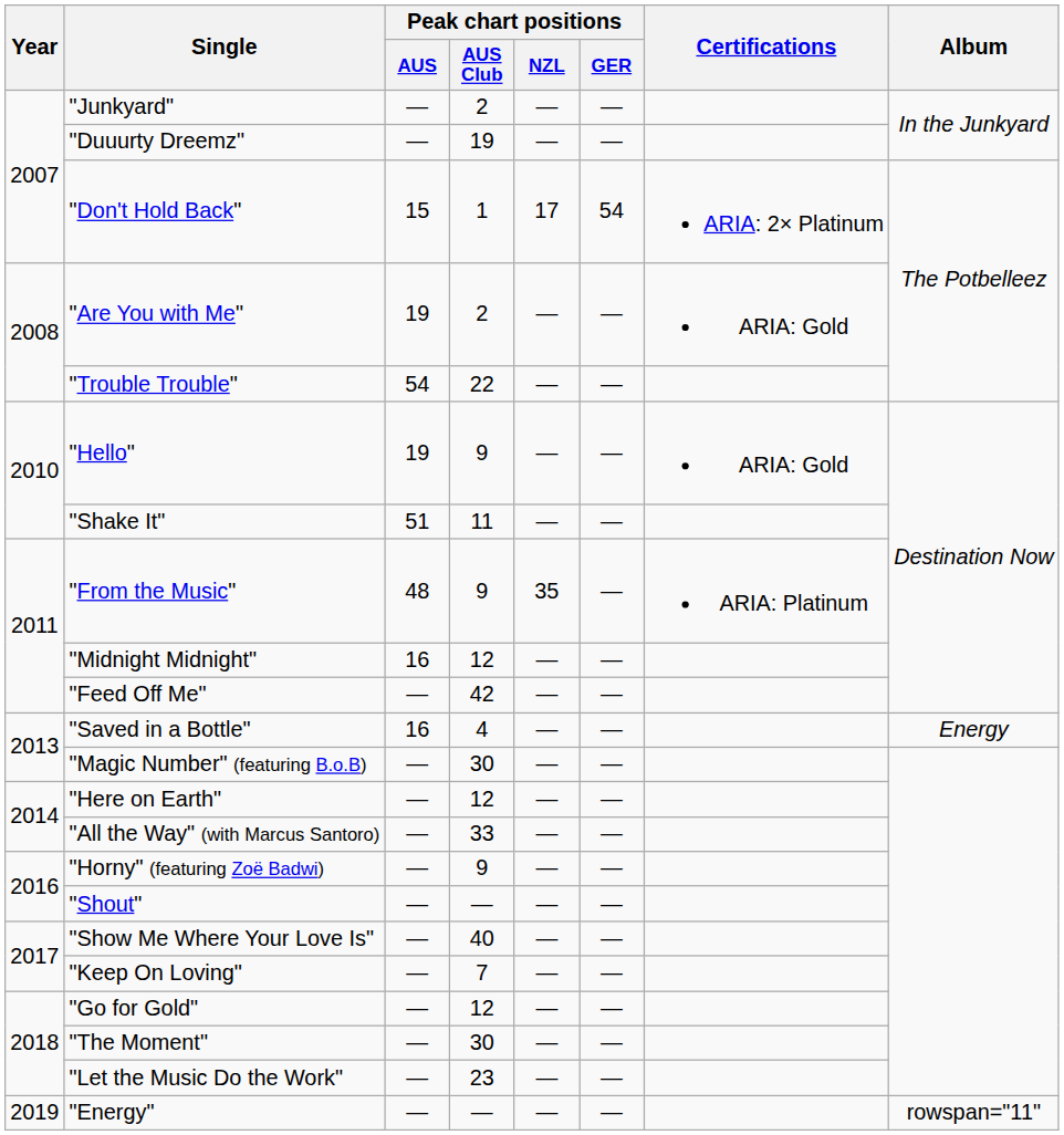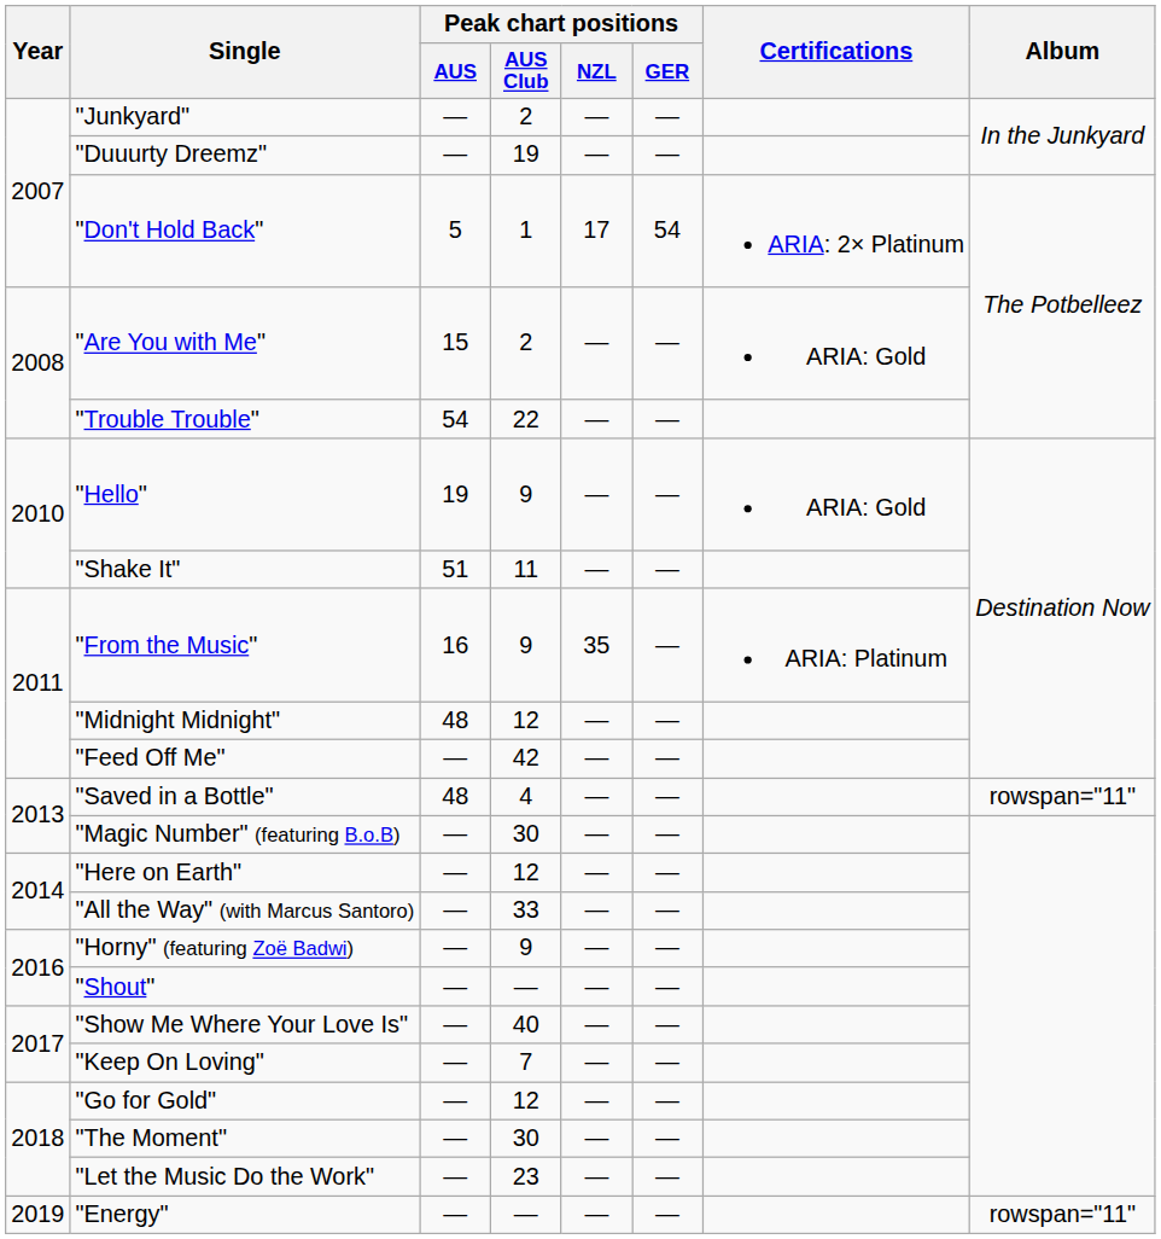 <table class="wikitable" style="text-align:center">
 <tr>
 <th rowspan="2">Year</th>
 <th rowspan="2">Single</th>
 <th colspan="4">Peak chart positions</th>
 <th rowspan="2"><a href='#'>Certifications</a></th>
 <th rowspan="2">Album</th>
 </tr>
 <tr>
 <th style="width:3em;font-size:85%"><a href='#'>AUS</a><br></th>
 <th style="width:3em;font-size:85%"><a href='#'>AUS<br>Club</a><br></th>
 <th style="width:3em;font-size:85%"><a href='#'>NZL</a><br></th>
 <th style="width:3em;font-size:85%"><a href='#'>GER</a><br></th>
 </tr>
 <tr>
 <td rowspan="3">2007</td>
 <td align="left">"Junkyard"</td>
 <td>—</td>
 <td>2</td>
 <td>—</td>
 <td>—</td>
 <td></td>
 <td rowspan="2"><em>In the Junkyard</em></td>
 </tr>
 <tr>
 <td align="left">"Duuurty Dreemz"</td>
 <td>—</td>
 <td>19</td>
 <td>—</td>
 <td>—</td>
 <td></td>
 </tr>
 <tr>
 <td align="left">"<a href='#'>Don't Hold Back</a>"</td>
-<td>15</td>
+<td>5</td>
 <td>1</td>
 <td>17</td>
 <td>54</td>
 <td><br><ul><li><a href='#'>ARIA</a>: 2× Platinum</li></ul></td>
 <td rowspan="3"><em>The Potbelleez</em></td>
 </tr>
 <tr>
 <td rowspan="2">2008</td>
 <td align="left">"<a href='#'>Are You with Me</a>"</td>
-<td>19</td>
+<td>15</td>
 <td>2</td>
 <td>—</td>
 <td>—</td>
 <td><br><ul><li>ARIA: Gold</li></ul></td>
 </tr>
 <tr>
 <td align="left">"<a href='#'>Trouble Trouble</a>"</td>
 <td>54</td>
 <td>22</td>
 <td>—</td>
 <td>—</td>
 <td></td>
 </tr>
 <tr>
 <td rowspan="2">2010</td>
 <td align="left">"<a href='#'>Hello</a>"</td>
 <td>19</td>
 <td>9</td>
 <td>—</td>
 <td>—</td>
 <td><br><ul><li>ARIA: Gold</li></ul></td>
 <td rowspan="5"><em>Destination Now</em></td>
 </tr>
 <tr>
 <td align="left">"Shake It"</td>
 <td>51</td>
 <td>11</td>
 <td>—</td>
 <td>—</td>
 <td></td>
 </tr>
 <tr>
 <td rowspan="3">2011</td>
 <td align="left">"<a href='#'>From the Music</a>"</td>
-<td>48</td>
+<td>16</td>
 <td>9</td>
 <td>35</td>
 <td>—</td>
 <td><br><ul><li>ARIA: Platinum</li></ul></td>
 </tr>
 <tr>
 <td align="left">"Midnight Midnight"</td>
-<td>16</td>
+<td>48</td>
 <td>12</td>
 <td>—</td>
 <td>—</td>
 <td></td>
 </tr>
 <tr>
 <td align="left">"Feed Off Me"</td>
 <td>—</td>
 <td>42</td>
 <td>—</td>
 <td>—</td>
 <td></td>
 </tr>
 <tr>
 <td rowspan="2">2013</td>
 <td align="left">"Saved in a Bottle"</td>
-<td>16</td>
+<td>48</td>
 <td>4</td>
 <td>—</td>
 <td>—</td>
 <td></td>
-<td><em>Energy</em></td>
+<td>rowspan="11" </td>
 </tr>
 <tr>
 <td align="left">"Magic Number" <small>(featuring <a href='#'>B.o.B</a>)</small></td>
 <td>—</td>
 <td>30</td>
 <td>—</td>
 <td>—</td>
 <td></td>
 </tr>
 <tr>
 <td rowspan="2">2014</td>
 <td align="left">"Here on Earth"</td>
 <td>—</td>
 <td>12</td>
 <td>—</td>
 <td>—</td>
 <td></td>
 </tr>
 <tr>
 <td align="left">"All the Way" <small>(with Marcus Santoro)</small></td>
 <td>—</td>
 <td>33</td>
 <td>—</td>
 <td>—</td>
 <td></td>
 </tr>
 <tr>
 <td rowspan="2">2016</td>
 <td align="left">"Horny" <small>(featuring <a href='#'>Zoë Badwi</a>)</small></td>
 <td>—</td>
 <td>9</td>
 <td>—</td>
 <td>—</td>
 <td></td>
 </tr>
 <tr>
 <td align="left">"<a href='#'>Shout</a>"</td>
 <td>—</td>
 <td>—</td>
 <td>—</td>
 <td>—</td>
 <td></td>
 </tr>
 <tr>
 <td rowspan="2">2017</td>
 <td align="left">"Show Me Where Your Love Is"</td>
 <td>—</td>
 <td>40</td>
 <td>—</td>
 <td>—</td>
 <td></td>
 </tr>
 <tr>
 <td align="left">"Keep On Loving"</td>
 <td>—</td>
 <td>7</td>
 <td>—</td>
 <td>—</td>
 <td></td>
 </tr>
 <tr>
 <td rowspan="3">2018</td>
 <td align="left">"Go for Gold"</td>
 <td>—</td>
 <td>12</td>
 <td>—</td>
 <td>—</td>
 <td></td>
 </tr>
 <tr>
 <td align="left">"The Moment"</td>
 <td>—</td>
 <td>30</td>
 <td>—</td>
 <td>—</td>
 <td></td>
 </tr>
 <tr>
 <td align="left">"Let the Music Do the Work"</td>
 <td>—</td>
 <td>23</td>
 <td>—</td>
 <td>—</td>
 <td></td>
 </tr>
 <tr>
 <td>2019</td>
 <td align="left">"Energy"</td>
 <td>—</td>
 <td>—</td>
 <td>—</td>
 <td>—</td>
 <td></td>
 <td>rowspan="11" </td>
 </tr>
 </table>
